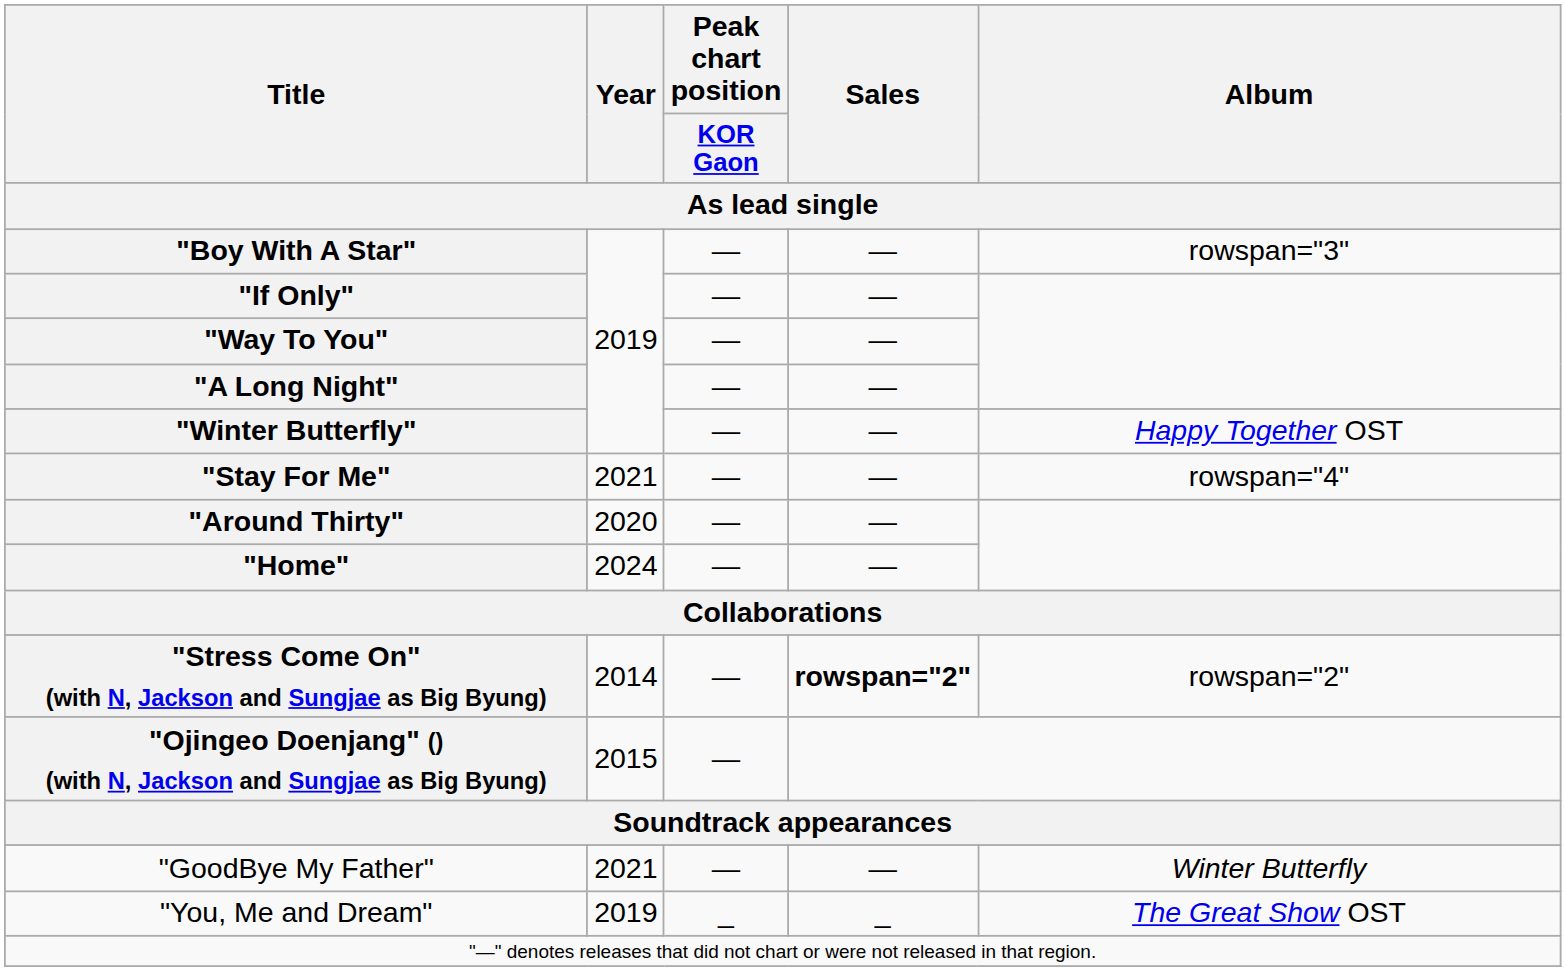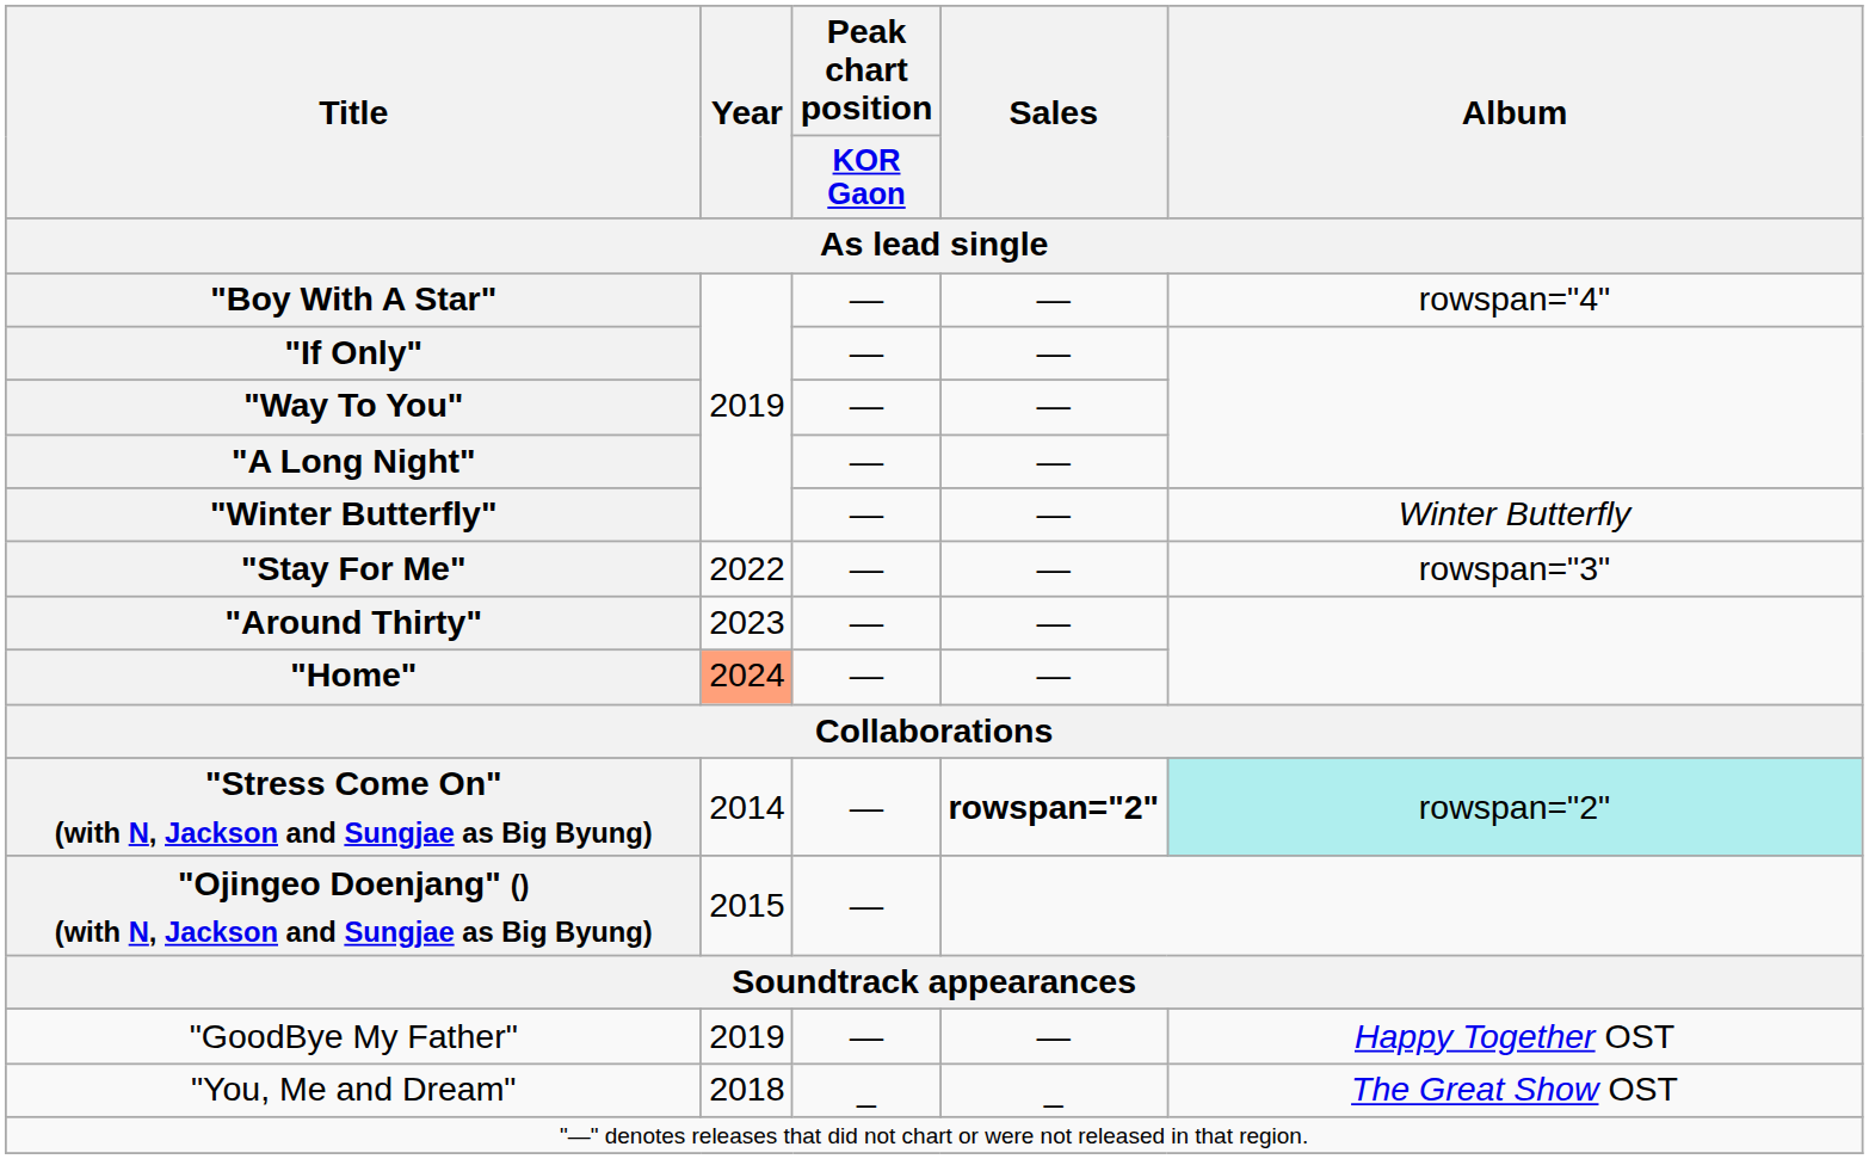 <table class="wikitable plainrowheaders" style="text-align:center">
 <tr>
 <th scope="col" rowspan="2" style="width:20em;">Title</th>
 <th scope="col" rowspan="2">Year</th>
 <th scope="col">Peak chart position</th>
 <th scope="col" rowspan="2">Sales</th>
 <th scope="col" rowspan="2" style="width:20em;">Album</th>
 </tr>
 <tr>
 <th style="width:3em;font-size:90%"><a href='#'>KOR<br>Gaon</a><br></th>
 </tr>
 <tr>
 <th colspan="5">As lead single</th>
 </tr>
 <tr>
 <th scope="row">"Boy With A Star"</th>
 <td rowspan="5">2019</td>
 <td>—</td>
 <td>—</td>
-<td>rowspan="3" </td>
+<td>rowspan="4" </td>
 </tr>
 <tr>
 <th scope="row">"If Only"</th>
 <td>—</td>
 <td>—</td>
 </tr>
 <tr>
 <th scope="row">"Way To You"</th>
 <td>—</td>
 <td>—</td>
 </tr>
 <tr>
 <th scope="row">"A Long Night"</th>
 <td>—</td>
 <td>—</td>
 </tr>
 <tr>
 <th scope="row">"Winter Butterfly"</th>
 <td>—</td>
 <td>—</td>
-<td><em><a href='#'>Happy Together</a></em> OST</td>
+<td><em>Winter Butterfly</em></td>
 </tr>
 <tr>
 <th scope="row">"Stay For Me"</th>
-<td>2021</td>
+<td>2022</td>
 <td>—</td>
 <td>—</td>
-<td>rowspan="4" </td>
+<td>rowspan="3" </td>
 </tr>
 <tr>
 <th scope="row">"Around Thirty"</th>
-<td>2020</td>
+<td>2023</td>
 <td>—</td>
 <td>—</td>
 </tr>
 <tr>
 <th scope="row">"Home"</th>
-<td>2024</td>
+<td style="background: lightsalmon;">2024</td>
 <td>—</td>
 <td>—</td>
 </tr>
 <tr>
 <th colspan="5">Collaborations</th>
 </tr>
 <tr>
 <th scope="row">"Stress Come On"<br><sub>(with <a href='#'>N</a>, <a href='#'>Jackson</a> and <a href='#'>Sungjae</a> as Big Byung)</sub></th>
 <td>2014</td>
 <td>—</td>
 <td><strong>rowspan="2" </strong></td>
-<td>rowspan="2" </td>
+<td style="background: paleturquoise;">rowspan="2" </td>
 </tr>
 <tr>
 <th scope="row">"Ojingeo Doenjang" <small>()</small><br><sub>(with <a href='#'>N</a>, <a href='#'>Jackson</a> and <a href='#'>Sungjae</a> as Big Byung)</sub></th>
 <td>2015</td>
 <td>—</td>
 </tr>
 <tr>
 <th colspan="5">Soundtrack appearances</th>
 </tr>
 <tr>
 <td>"GoodBye My Father"</td>
-<td>2021</td>
+<td>2019</td>
 <td>—</td>
 <td>—</td>
-<td><em>Winter Butterfly</em></td>
+<td><em><a href='#'>Happy Together</a></em> OST</td>
 </tr>
 <tr>
 <td>"You, Me and Dream"</td>
-<td>2019</td>
+<td>2018</td>
 <td>_</td>
 <td>_</td>
 <td><em><a href='#'>The Great Show</a></em> OST</td>
 </tr>
 <tr>
 <td align="center" colspan="6" style="font-size:8pt">"—" denotes releases that did not chart or were not released in that region.</td>
 </tr>
 </table>
